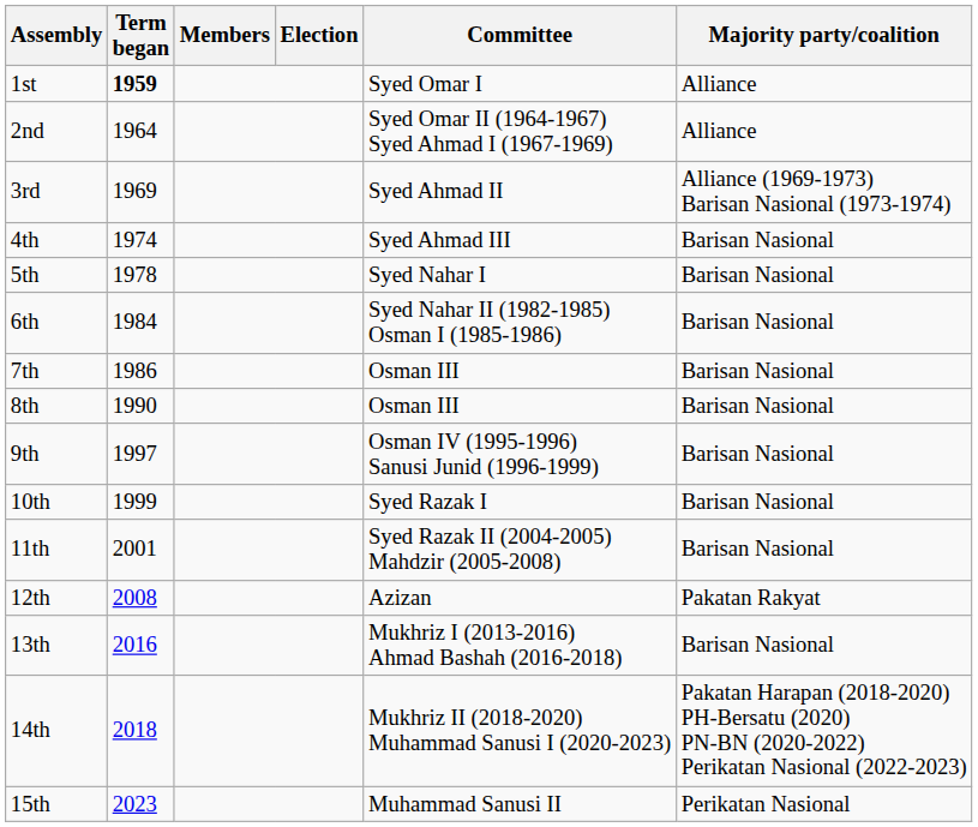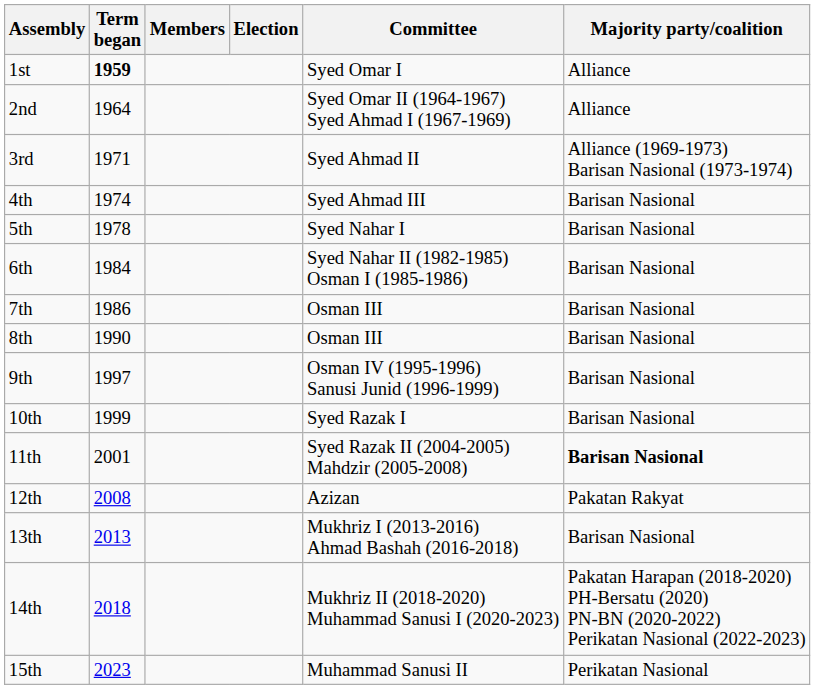 <table class="wikitable">
 <tr>
 <th>Assembly</th>
 <th>Term<br>began</th>
 <th>Members</th>
 <th>Election</th>
 <th>Committee</th>
 <th>Majority party/coalition</th>
 </tr>
 <tr>
 <td>1st</td>
 <td><strong>1959</strong></td>
 <td colspan="2"></td>
 <td>Syed Omar I</td>
 <td>Alliance</td>
 </tr>
 <tr>
 <td>2nd</td>
 <td>1964</td>
 <td colspan="2"></td>
 <td>Syed Omar II (1964-1967)<br>Syed Ahmad I (1967-1969)</td>
 <td>Alliance</td>
 </tr>
 <tr>
 <td>3rd</td>
-<td>1969</td>
+<td>1971</td>
 <td colspan="2"></td>
 <td>Syed Ahmad II</td>
 <td>Alliance (1969-1973)<br>Barisan Nasional (1973-1974)</td>
 </tr>
 <tr>
 <td>4th</td>
 <td>1974</td>
 <td colspan="2"></td>
 <td>Syed Ahmad III</td>
 <td>Barisan Nasional</td>
 </tr>
 <tr>
 <td>5th</td>
 <td>1978</td>
 <td colspan="2"></td>
 <td>Syed Nahar I</td>
 <td>Barisan Nasional</td>
 </tr>
 <tr>
 <td>6th</td>
 <td>1984</td>
 <td colspan="2"></td>
 <td>Syed Nahar II (1982-1985)<br>Osman I (1985-1986)</td>
 <td>Barisan Nasional</td>
 </tr>
 <tr>
 <td>7th</td>
 <td>1986</td>
 <td colspan="2"></td>
 <td>Osman III</td>
 <td>Barisan Nasional</td>
 </tr>
 <tr>
 <td>8th</td>
 <td>1990</td>
 <td colspan="2"></td>
 <td>Osman III</td>
 <td>Barisan Nasional</td>
 </tr>
 <tr>
 <td>9th</td>
 <td>1997</td>
 <td colspan="2"></td>
 <td>Osman IV (1995-1996)<br>Sanusi Junid (1996-1999)</td>
 <td>Barisan Nasional</td>
 </tr>
 <tr>
 <td>10th</td>
 <td>1999</td>
 <td colspan="2"></td>
 <td>Syed Razak I</td>
 <td>Barisan Nasional</td>
 </tr>
 <tr>
 <td>11th</td>
 <td>2001</td>
 <td colspan="2"></td>
 <td>Syed Razak II (2004-2005)<br>Mahdzir (2005-2008)</td>
-<td>Barisan Nasional</td>
+<td><strong>Barisan Nasional</strong></td>
 </tr>
 <tr>
 <td>12th</td>
 <td><a href='#'>2008</a></td>
 <td colspan="2"></td>
 <td>Azizan</td>
 <td>Pakatan Rakyat</td>
 </tr>
 <tr>
 <td>13th</td>
-<td><a href='#'>2016</a></td>
+<td><a href='#'>2013</a></td>
 <td colspan="2"></td>
 <td>Mukhriz I (2013-2016)<br>Ahmad Bashah (2016-2018)</td>
 <td>Barisan Nasional</td>
 </tr>
 <tr>
 <td>14th</td>
 <td><a href='#'>2018</a></td>
 <td colspan="2"></td>
 <td>Mukhriz II (2018-2020)<br>Muhammad Sanusi I (2020-2023)</td>
 <td>Pakatan Harapan (2018-2020)<br>PH-Bersatu (2020)<br> PN-BN (2020-2022)<br> Perikatan Nasional (2022-2023)</td>
 </tr>
 <tr>
 <td>15th</td>
 <td><a href='#'>2023</a></td>
 <td colspan="2"></td>
 <td>Muhammad Sanusi II</td>
 <td>Perikatan Nasional</td>
 </tr>
 </table>
